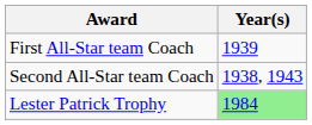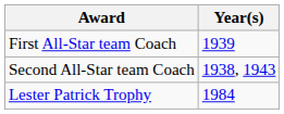 <table class="wikitable">
 <tr>
 <th>Award</th>
 <th>Year(s)</th>
 </tr>
 <tr>
 <td>First <a href='#'>All-Star team</a> Coach</td>
 <td><a href='#'>1939</a></td>
 </tr>
 <tr>
 <td>Second All-Star team Coach</td>
 <td><a href='#'>1938</a>, <a href='#'>1943</a></td>
 </tr>
 <tr>
 <td><a href='#'>Lester Patrick Trophy</a></td>
-<td style="background: lightgreen;"><a href='#'>1984</a></td>
+<td><a href='#'>1984</a></td>
 </tr>
 </table>
